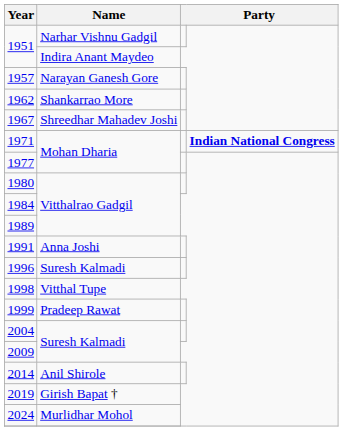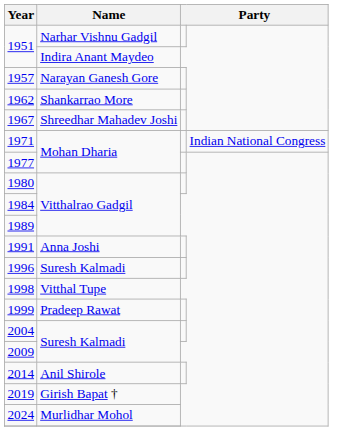 <table class="wikitable">
 <tr>
 <th>Year</th>
 <th>Name</th>
 <th colspan="2">Party</th>
 </tr>
 <tr>
 <td rowspan="2"><a href='#'>1951</a></td>
 <td><a href='#'>Narhar Vishnu Gadgil</a></td>
 <td></td>
 </tr>
 <tr>
 <td><a href='#'>Indira Anant Maydeo</a></td>
 </tr>
 <tr>
 <td><a href='#'>1957</a></td>
 <td><a href='#'>Narayan Ganesh Gore</a></td>
 <td></td>
 </tr>
 <tr>
 <td><a href='#'>1962</a></td>
 <td><a href='#'>Shankarrao More</a></td>
 <td></td>
 </tr>
 <tr>
 <td><a href='#'>1967</a></td>
 <td><a href='#'>Shreedhar Mahadev Joshi</a></td>
 <td></td>
 </tr>
 <tr>
 <td><a href='#'>1971</a></td>
 <td rowspan="2"><a href='#'>Mohan Dharia</a></td>
 <td style="background-color: "></td>
-<td><strong><a href='#'>Indian National Congress</a></strong></td>
+<td><a href='#'>Indian National Congress</a></td>
 </tr>
 <tr>
 <td><a href='#'>1977</a></td>
 <td></td>
 </tr>
 <tr>
 <td><a href='#'>1980</a></td>
 <td rowspan="3"><a href='#'>Vitthalrao Gadgil</a></td>
 <td></td>
 </tr>
 <tr>
 <td><a href='#'>1984</a></td>
 </tr>
 <tr>
 <td><a href='#'>1989</a></td>
 </tr>
 <tr>
 <td><a href='#'>1991</a></td>
 <td><a href='#'>Anna Joshi</a></td>
 <td></td>
 </tr>
 <tr>
 <td><a href='#'>1996</a></td>
 <td><a href='#'>Suresh Kalmadi</a></td>
 <td></td>
 </tr>
 <tr>
 <td><a href='#'>1998</a></td>
 <td><a href='#'>Vitthal Tupe</a></td>
 </tr>
 <tr>
 <td><a href='#'>1999</a></td>
 <td><a href='#'>Pradeep Rawat</a></td>
 <td></td>
 </tr>
 <tr>
 <td><a href='#'>2004</a></td>
 <td rowspan="2"><a href='#'>Suresh Kalmadi</a></td>
 <td></td>
 </tr>
 <tr>
 <td><a href='#'>2009</a></td>
 </tr>
 <tr>
 <td><a href='#'>2014</a></td>
 <td><a href='#'>Anil Shirole</a></td>
 <td></td>
 </tr>
 <tr>
 <td><a href='#'>2019</a></td>
 <td><a href='#'>Girish Bapat</a> †</td>
 </tr>
 <tr>
 <td><a href='#'>2024</a></td>
 <td><a href='#'>Murlidhar Mohol</a></td>
 </tr>
 <tr>
 </tr>
 </table>
